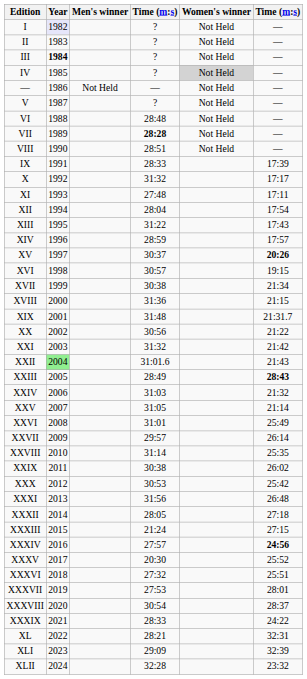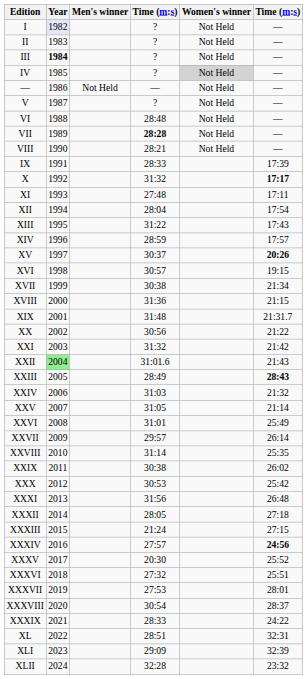 <table class="wikitable" style="text-align:center">
 <tr>
 <th>Edition</th>
 <th>Year</th>
 <th>Men's winner</th>
 <th>Time (<a href='#'>m</a>:<a href='#'>s</a>)</th>
 <th>Women's winner</th>
 <th>Time (<a href='#'>m</a>:<a href='#'>s</a>)</th>
 </tr>
 <tr>
 <td>I</td>
 <td style="background: lavender;">1982</td>
 <td align=left></td>
 <td>?</td>
 <td align=center>Not Held</td>
 <td align=center>—</td>
 </tr>
 <tr>
 <td>II</td>
 <td>1983</td>
 <td align=left></td>
 <td>?</td>
 <td align=center>Not Held</td>
 <td align=center>—</td>
 </tr>
 <tr>
 <td>III</td>
 <td><strong>1984</strong></td>
 <td align=left></td>
 <td>?</td>
 <td align=center>Not Held</td>
 <td align=center>—</td>
 </tr>
 <tr>
 <td>IV</td>
 <td>1985</td>
 <td align=left></td>
 <td>?</td>
 <td align=center style="background: lightgrey;">Not Held</td>
 <td align=center>—</td>
 </tr>
 <tr>
 <td align=center>—</td>
 <td>1986</td>
 <td align=center>Not Held</td>
 <td align=center>—</td>
 <td align=center>Not Held</td>
 <td align=center>—</td>
 </tr>
 <tr>
 <td>V</td>
 <td>1987</td>
 <td align=left></td>
 <td>?</td>
 <td align=center>Not Held</td>
 <td align=center>—</td>
 </tr>
 <tr>
 <td>VI</td>
 <td>1988</td>
 <td align=left></td>
 <td>28:48</td>
 <td align=center>Not Held</td>
 <td align=center>—</td>
 </tr>
 <tr>
 <td>VII</td>
 <td>1989</td>
 <td align=left></td>
 <td><strong>28:28</strong></td>
 <td align=center>Not Held</td>
 <td align=center>—</td>
 </tr>
 <tr>
 <td>VIII</td>
 <td>1990</td>
 <td align=left></td>
-<td>28:51</td>
+<td>28:21</td>
 <td align=center>Not Held</td>
 <td align=center>—</td>
 </tr>
 <tr>
 <td>IX</td>
 <td>1991</td>
 <td align=left></td>
 <td>28:33</td>
 <td align=left></td>
 <td>17:39</td>
 </tr>
 <tr>
 <td>X</td>
 <td>1992</td>
 <td align=left></td>
 <td>31:32</td>
 <td align=left></td>
-<td>17:17</td>
+<td><strong>17:17</strong></td>
 </tr>
 <tr>
 <td>XI</td>
 <td>1993</td>
 <td align=left></td>
 <td>27:48</td>
 <td align=left></td>
 <td>17:11</td>
 </tr>
 <tr>
 <td>XII</td>
 <td>1994</td>
 <td align=left></td>
 <td>28:04</td>
 <td align=left></td>
 <td>17:54</td>
 </tr>
 <tr>
 <td>XIII</td>
 <td>1995</td>
 <td align=left></td>
 <td>31:22</td>
 <td align=left></td>
 <td>17:43</td>
 </tr>
 <tr>
 <td>XIV</td>
 <td>1996</td>
 <td align=left></td>
 <td>28:59</td>
 <td align=left></td>
 <td>17:57</td>
 </tr>
 <tr>
 <td>XV</td>
 <td>1997</td>
 <td align=left></td>
 <td>30:37</td>
 <td align=left></td>
 <td><strong>20:26</strong></td>
 </tr>
 <tr>
 <td>XVI</td>
 <td>1998</td>
 <td align=left></td>
 <td>30:57</td>
 <td align=left></td>
 <td>19:15</td>
 </tr>
 <tr>
 <td>XVII</td>
 <td>1999</td>
 <td align=left></td>
 <td>30:38</td>
 <td align=left></td>
 <td>21:34</td>
 </tr>
 <tr>
 <td>XVIII</td>
 <td>2000</td>
 <td align=left></td>
 <td>31:36</td>
 <td align=left></td>
 <td>21:15</td>
 </tr>
 <tr>
 <td>XIX</td>
 <td>2001</td>
 <td align=left></td>
 <td>31:48</td>
 <td align=left></td>
 <td>21:31.7</td>
 </tr>
 <tr>
 <td>XX</td>
 <td>2002</td>
 <td align=left></td>
 <td>30:56</td>
 <td align=left></td>
 <td>21:22</td>
 </tr>
 <tr>
 <td>XXI</td>
 <td>2003</td>
 <td align=left></td>
 <td>31:32</td>
 <td align=left></td>
 <td>21:42</td>
 </tr>
 <tr>
 <td>XXII</td>
 <td style="background: lightgreen;">2004</td>
 <td align=left></td>
 <td>31:01.6</td>
 <td align=left></td>
 <td>21:43</td>
 </tr>
 <tr>
 <td>XXIII</td>
 <td>2005</td>
 <td align=left></td>
 <td>28:49</td>
 <td align=left></td>
 <td><strong>28:43</strong></td>
 </tr>
 <tr>
 <td>XXIV</td>
 <td>2006</td>
 <td align=left></td>
 <td>31:03</td>
 <td align=left></td>
 <td>21:32</td>
 </tr>
 <tr>
 <td>XXV</td>
 <td>2007</td>
 <td align=left></td>
 <td>31:05</td>
 <td align=left></td>
 <td>21:14</td>
 </tr>
 <tr>
 <td>XXVI</td>
 <td>2008</td>
 <td align=left></td>
 <td>31:01</td>
 <td align=left></td>
 <td>25:49</td>
 </tr>
 <tr>
 <td>XXVII</td>
 <td>2009</td>
 <td align=left></td>
 <td>29:57</td>
 <td align=left></td>
 <td>26:14</td>
 </tr>
 <tr>
 <td>XXVIII</td>
 <td>2010</td>
 <td align=left></td>
 <td>31:14</td>
 <td align=left></td>
 <td>25:35</td>
 </tr>
 <tr>
 <td>XXIX</td>
 <td>2011</td>
 <td align=left></td>
 <td>30:38</td>
 <td align=left></td>
 <td>26:02</td>
 </tr>
 <tr>
 <td>XXX</td>
 <td>2012</td>
 <td align=left></td>
 <td>30:53</td>
 <td align=left></td>
 <td>25:42</td>
 </tr>
 <tr>
 <td>XXXI</td>
 <td>2013</td>
 <td align=left></td>
 <td>31:56</td>
 <td align=left></td>
 <td>26:48</td>
 </tr>
 <tr>
 <td>XXXII</td>
 <td>2014</td>
 <td align=left></td>
 <td>28:05</td>
 <td align=left></td>
 <td>27:18</td>
 </tr>
 <tr>
 <td>XXXIII</td>
 <td>2015</td>
 <td align=left></td>
 <td>21:24</td>
 <td align=left></td>
 <td>27:15</td>
 </tr>
 <tr>
 <td>XXXIV</td>
 <td>2016</td>
 <td align=left></td>
 <td>27:57</td>
 <td align=left></td>
 <td><strong>24:56</strong></td>
 </tr>
 <tr>
 <td>XXXV</td>
 <td>2017</td>
 <td align=left></td>
 <td>20:30</td>
 <td align=left></td>
 <td>25:52</td>
 </tr>
 <tr>
 <td>XXXVI</td>
 <td>2018</td>
 <td align=left></td>
 <td>27:32</td>
 <td align=left></td>
 <td>25:51</td>
 </tr>
 <tr>
 <td>XXXVII</td>
 <td>2019</td>
 <td align=left></td>
 <td>27:53</td>
 <td align=left></td>
 <td>28:01</td>
 </tr>
 <tr>
 <td>XXXVIII</td>
 <td>2020</td>
 <td align=left></td>
 <td>30:54</td>
 <td align=left></td>
 <td>28:37</td>
 </tr>
 <tr>
 <td>XXXIX</td>
 <td>2021</td>
 <td align=left></td>
 <td>28:33</td>
 <td align=left></td>
 <td>24:22</td>
 </tr>
 <tr>
 <td>XL</td>
 <td>2022</td>
 <td align=left></td>
-<td>28:21</td>
+<td>28:51</td>
 <td align=left></td>
 <td>32:31</td>
 </tr>
 <tr>
 <td>XLI</td>
 <td>2023</td>
 <td align=left></td>
 <td>29:09</td>
 <td align=left></td>
 <td>32:39</td>
 </tr>
 <tr>
 <td>XLII</td>
 <td>2024</td>
 <td align=left></td>
 <td>32:28</td>
 <td align=left></td>
 <td>23:32</td>
 </tr>
 </table>
